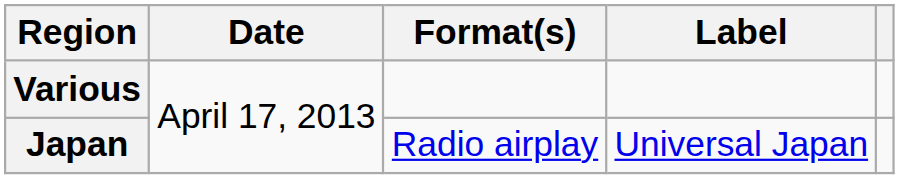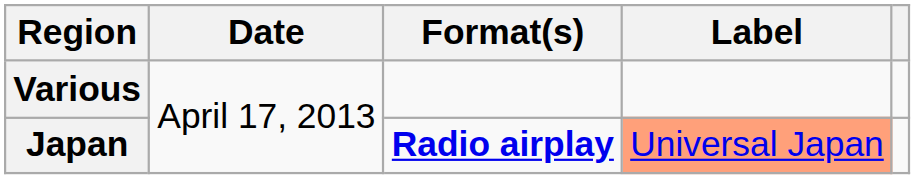 <table class="wikitable plainrowheaders">
 <tr>
 <th scope="col">Region</th>
 <th scope="col">Date</th>
 <th scope="col">Format(s)</th>
 <th scope="col">Label</th>
 <th scope="col"></th>
 </tr>
 <tr>
 <th scope="row">Various</th>
 <td rowspan="2">April 17, 2013</td>
 <td></td>
 <td></td>
 <td align="center"></td>
 </tr>
 <tr>
 <th scope="row">Japan</th>
-<td><a href='#'>Radio airplay</a></td>
-<td><a href='#'>Universal Japan</a></td>
+<td><strong><a href='#'>Radio airplay</a></strong></td>
+<td style="background: lightsalmon;"><a href='#'>Universal Japan</a></td>
 <td align="center"></td>
 </tr>
 </table>
